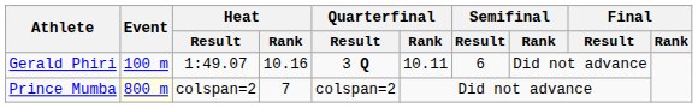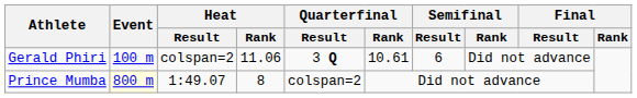 <table class="wikitable" style="font-size:90%">
 <tr>
 <th rowspan="2">Athlete</th>
 <th rowspan="2">Event</th>
 <th colspan="2">Heat</th>
 <th colspan="2">Quarterfinal</th>
 <th colspan="2">Semifinal</th>
 <th colspan="2">Final</th>
 </tr>
 <tr style="font-size:95%">
 <th>Result</th>
 <th>Rank</th>
 <th>Result</th>
 <th>Rank</th>
 <th>Result</th>
 <th>Rank</th>
 <th>Result</th>
 <th>Rank</th>
 </tr>
 <tr align=center>
 <td align=left><a href='#'>Gerald Phiri</a></td>
 <td align=left><a href='#'>100 m</a></td>
-<td>1:49.07</td>
-<td>10.16</td>
+<td>colspan=2 </td>
+<td>11.06</td>
 <td>3 <strong>Q</strong></td>
-<td>10.11</td>
+<td>10.61</td>
 <td>6</td>
 <td colspan=2>Did not advance</td>
 </tr>
 <tr align=center>
 <td align=left><a href='#'>Prince Mumba</a></td>
 <td align=left style="background: lightyellow;"><a href='#'>800 m</a></td>
-<td>colspan=2 </td>
-<td>7</td>
+<td>1:49.07</td>
+<td>8</td>
 <td>colspan=2 </td>
 <td colspan=4>Did not advance</td>
 </tr>
 </table>
